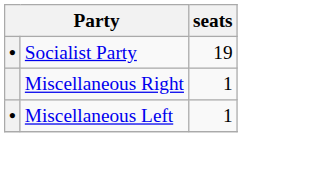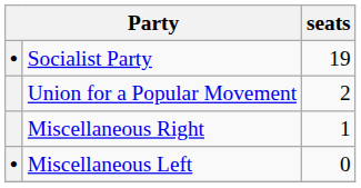 <table class="wikitable" style="font-size: 95%;">
 <tr>
 <th colspan=2>Party</th>
 <th>seats</th>
 </tr>
 <tr>
 <th style="background-color: "><span>•</span></th>
 <td><a href='#'>Socialist Party</a></td>
 <td align="right">19</td>
 </tr>
 <tr>
 <th style="background-color: "></th>
+<td><a href='#'>Union for a Popular Movement</a></td>
+<td align="right">2</td>
+</tr>
+<tr>
+<th style="background-color: "></th>
 <td><a href='#'>Miscellaneous Right</a></td>
 <td align="right">1</td>
 </tr>
 <tr>
 <th style="background-color: "><span>•</span></th>
 <td><a href='#'>Miscellaneous Left</a></td>
-<td align="right">1</td>
+<td align="right">0</td>
 </tr>
 <tr>
 </tr>
 </table>
